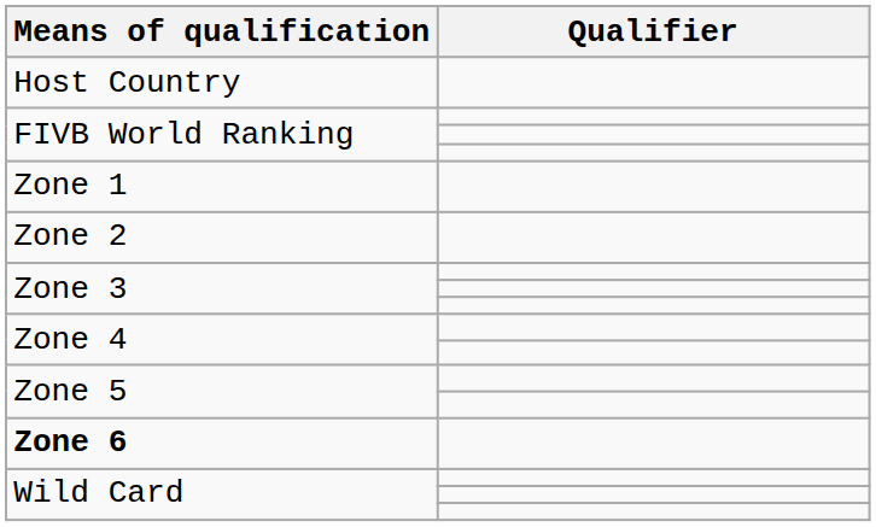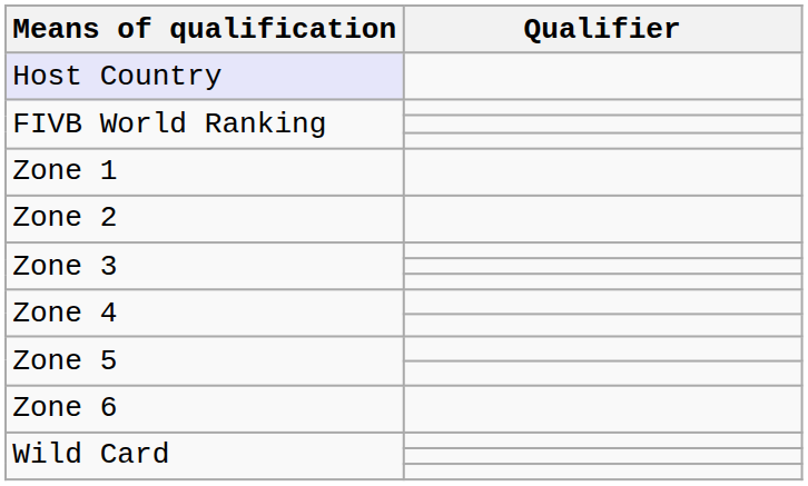 <table class="wikitable">
 <tr>
 <th width=50%>Means of qualification</th>
 <th width=50%>Qualifier</th>
 </tr>
 <tr>
-<td>Host Country</td>
+<td style="background: lavender;">Host Country</td>
 <td></td>
 </tr>
 <tr>
 <td rowspan="3">FIVB World Ranking</td>
 <td></td>
 </tr>
 <tr>
 <td></td>
 </tr>
 <tr>
 <td></td>
 </tr>
 <tr>
 <td>Zone 1</td>
 <td></td>
 </tr>
 <tr>
 <td>Zone 2</td>
 <td><s></s></td>
 </tr>
 <tr>
 <td rowspan="3">Zone 3</td>
 <td></td>
 </tr>
 <tr>
 <td></td>
 </tr>
 <tr>
 <td></td>
 </tr>
 <tr>
 <td rowspan="2">Zone 4</td>
 <td></td>
 </tr>
 <tr>
 <td><s></s></td>
 </tr>
 <tr>
 <td rowspan="2">Zone 5</td>
 <td></td>
 </tr>
 <tr>
 <td></td>
 </tr>
 <tr>
-<td rowspan="1"><strong>Zone 6</strong></td>
+<td rowspan="1">Zone 6</td>
 <td></td>
 </tr>
 <tr>
 <td rowspan="3">Wild Card</td>
 <td></td>
 </tr>
 <tr>
 <td></td>
 </tr>
 <tr>
 <td><s></s></td>
 </tr>
 </table>
